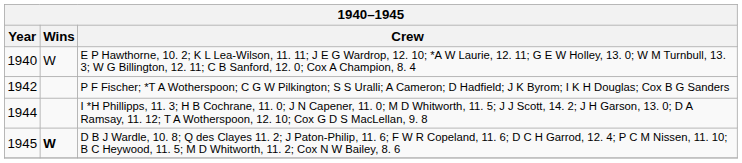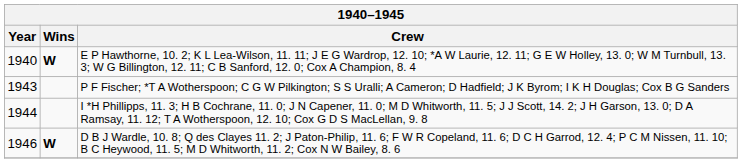 <table class="wikitable" style="width:100%;">
 <tr>
 <th colspan="3">1940–1945</th>
 </tr>
 <tr>
 <th>Year</th>
 <th>Wins</th>
 <th>Crew</th>
 </tr>
 <tr>
 <td>1940</td>
-<td>W</td>
+<td><strong>W</strong></td>
 <td style="font-size:85%">E P Hawthorne, 10. 2; K L Lea-Wilson, 11. 11; J E G Wardrop, 12. 10; *A W Laurie, 12. 11; G E W Holley, 13. 0; W M Turnbull, 13. 3; W G Billington, 12. 11; C B Sanford, 12. 0; Cox A Champion, 8. 4</td>
 </tr>
 <tr>
-<td>1942</td>
+<td>1943</td>
 <td></td>
 <td style="font-size:85%">P F Fischer; *T A Wotherspoon; C G W Pilkington; S S Uralli; A Cameron; D Hadfield; J K Byrom; I K H Douglas; Cox B G Sanders</td>
 </tr>
 <tr>
 <td>1944</td>
 <td></td>
 <td style="font-size:85%">I *H Phillipps, 11. 3; H B Cochrane, 11. 0; J N Capener, 11. 0; M D Whitworth, 11. 5; J J Scott, 14. 2; J H Garson, 13. 0; D A Ramsay, 11. 12; T A Wotherspoon, 12. 10; Cox G D S MacLellan, 9. 8</td>
 </tr>
 <tr>
-<td>1945</td>
+<td>1946</td>
 <td><strong>W</strong></td>
 <td style="font-size:85%">D B J Wardle, 10. 8; Q des Clayes 11. 2; J Paton-Philip, 11. 6; F W R Copeland, 11. 6; D C H Garrod, 12. 4; P C M Nissen, 11. 10; B C Heywood, 11. 5; M D Whitworth, 11. 2; Cox N W Bailey, 8. 6</td>
 </tr>
 <tr>
 </tr>
 </table>
